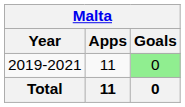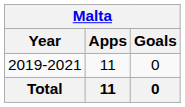 <table class="wikitable" style="text-align:center">
 <tr>
 <th colspan=3><a href='#'>Malta</a></th>
 </tr>
 <tr>
 <th>Year</th>
 <th>Apps</th>
 <th>Goals</th>
 </tr>
 <tr>
 <td>2019-2021</td>
 <td>11</td>
-<td style="background: lightgreen;">0</td>
+<td>0</td>
 </tr>
 <tr>
 <th>Total</th>
 <th>11</th>
 <th>0</th>
 </tr>
 </table>
